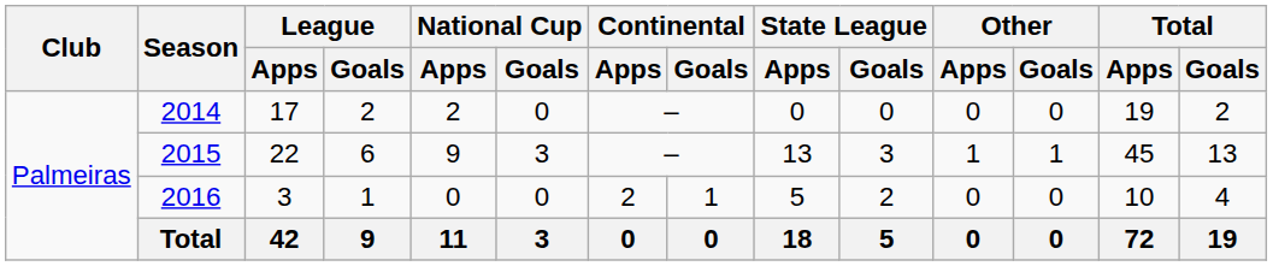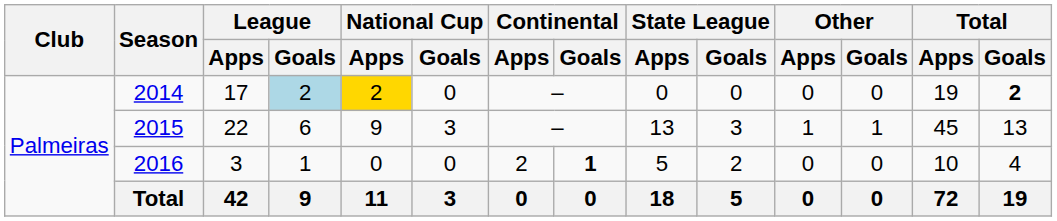 <table class="wikitable" style="text-align:center;">
 <tr>
 <th rowspan="2">Club</th>
 <th rowspan="2">Season</th>
 <th colspan="2">League</th>
 <th colspan="2">National Cup</th>
 <th colspan="2">Continental</th>
 <th colspan="2">State League</th>
 <th colspan="2">Other</th>
 <th colspan="2">Total</th>
 </tr>
 <tr>
 <th>Apps</th>
 <th>Goals</th>
 <th>Apps</th>
 <th>Goals</th>
 <th>Apps</th>
 <th>Goals</th>
 <th>Apps</th>
 <th>Goals</th>
 <th>Apps</th>
 <th>Goals</th>
 <th>Apps</th>
 <th>Goals</th>
 </tr>
 <tr>
 <td rowspan="4"><a href='#'>Palmeiras</a></td>
 <td><a href='#'>2014</a></td>
 <td>17</td>
-<td>2</td>
-<td>2</td>
+<td style="background: lightblue;">2</td>
+<td style="background: gold;">2</td>
 <td>0</td>
 <td colspan="2">–</td>
 <td>0</td>
 <td>0</td>
 <td>0</td>
 <td>0</td>
 <td>19</td>
-<td>2</td>
+<td><strong>2</strong></td>
 </tr>
 <tr>
 <td><a href='#'>2015</a></td>
 <td>22</td>
 <td>6</td>
 <td>9</td>
 <td>3</td>
 <td colspan="2">–</td>
 <td>13</td>
 <td>3</td>
 <td>1</td>
 <td>1</td>
 <td>45</td>
 <td>13</td>
 </tr>
 <tr>
 <td><a href='#'>2016</a></td>
 <td>3</td>
 <td>1</td>
 <td>0</td>
 <td>0</td>
 <td>2</td>
-<td>1</td>
+<td><strong>1</strong></td>
 <td>5</td>
 <td>2</td>
 <td>0</td>
 <td>0</td>
 <td>10</td>
 <td>4</td>
 </tr>
 <tr>
 <th>Total</th>
 <th>42</th>
 <th>9</th>
 <th>11</th>
 <th>3</th>
 <th>0</th>
 <th>0</th>
 <th>18</th>
 <th>5</th>
 <th>0</th>
 <th>0</th>
 <th>72</th>
 <th>19</th>
 </tr>
 </table>
